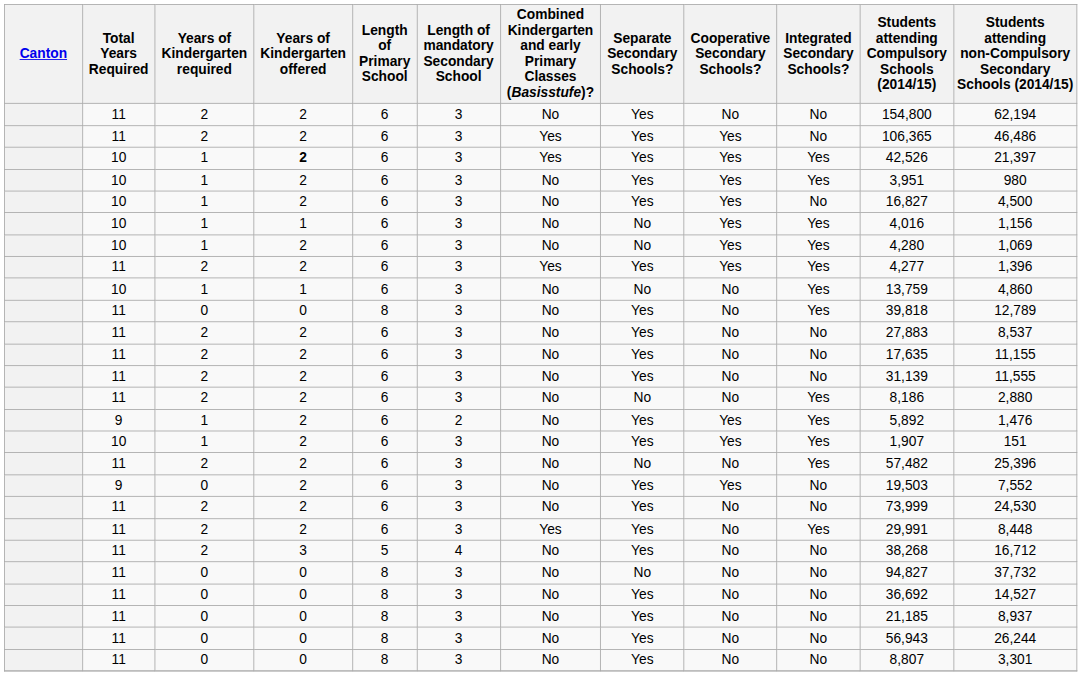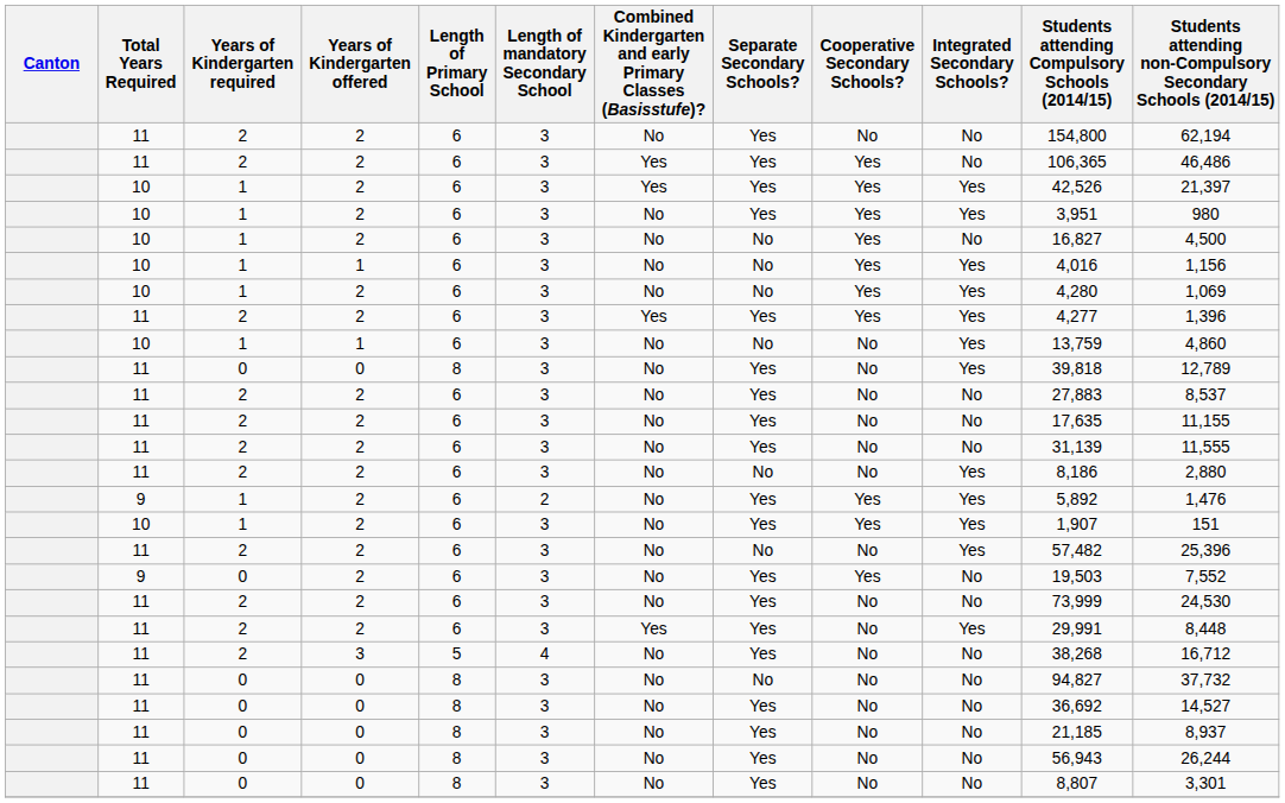 <table class="wikitable sortable mw-collapsible">
 <tr>
 <th style="width:6%;"><a href='#'>Canton</a></th>
 <th style="width:3%;">Total Years<br> Required</th>
 <th style="width:3%;">Years of<br> Kindergarten	required</th>
 <th style="width:3%;">Years of<br> Kindergarten	offered</th>
 <th style="width:3%;">Length of Primary School</th>
 <th style="width:3%;">Length of mandatory Secondary School</th>
 <th style="width:3%;">Combined Kindergarten and early Primary Classes (<em>Basisstufe</em>)?</th>
 <th style="width:3%;">Separate Secondary Schools?</th>
 <th style="width:3%;">Cooperative Secondary Schools?</th>
 <th style="width:3%;">Integrated Secondary Schools?</th>
 <th style="width:3%;">Students attending Compulsory Schools (2014/15)</th>
 <th style="width:3%;">Students attending non⁠-⁠Compulsory Secondary Schools (2014/15)</th>
 </tr>
 <tr>
 <th style="text-align:center;"></th>
 <td style="text-align:center;">11</td>
 <td style="text-align:center;">2</td>
 <td style="text-align:center;">2</td>
 <td style="text-align:center;">6</td>
 <td style="text-align:center;">3</td>
 <td style="text-align:center;">No</td>
 <td style="text-align:center;">Yes</td>
 <td style="text-align:center;">No</td>
 <td style="text-align:center;">No</td>
 <td style="text-align:center;">154,800</td>
 <td style="text-align:center;">62,194</td>
 </tr>
 <tr>
 <th style="text-align:center;"></th>
 <td style="text-align:center;">11</td>
 <td style="text-align:center;">2</td>
 <td style="text-align:center;">2</td>
 <td style="text-align:center;">6</td>
 <td style="text-align:center;">3</td>
 <td style="text-align:center;">Yes</td>
 <td style="text-align:center;">Yes</td>
 <td style="text-align:center;">Yes</td>
 <td style="text-align:center;">No</td>
 <td style="text-align:center;">106,365</td>
 <td style="text-align:center;">46,486</td>
 </tr>
 <tr>
 <th style="text-align:center;"></th>
 <td style="text-align:center;">10</td>
 <td style="text-align:center;">1</td>
-<td style="text-align:center;"><strong>2</strong></td>
+<td style="text-align:center;">2</td>
 <td style="text-align:center;">6</td>
 <td style="text-align:center;">3</td>
 <td style="text-align:center;">Yes</td>
 <td style="text-align:center;">Yes</td>
 <td style="text-align:center;">Yes</td>
 <td style="text-align:center;">Yes</td>
 <td style="text-align:center;">42,526</td>
 <td style="text-align:center;">21,397</td>
 </tr>
 <tr>
 <th style="text-align:center;"></th>
 <td style="text-align:center;">10</td>
 <td style="text-align:center;">1</td>
 <td style="text-align:center;">2</td>
 <td style="text-align:center;">6</td>
 <td style="text-align:center;">3</td>
 <td style="text-align:center;">No</td>
 <td style="text-align:center;">Yes</td>
 <td style="text-align:center;">Yes</td>
 <td style="text-align:center;">Yes</td>
 <td style="text-align:center;">3,951</td>
 <td style="text-align:center;">980</td>
 </tr>
 <tr>
 <th style="text-align:center;"></th>
 <td style="text-align:center;">10</td>
 <td style="text-align:center;">1</td>
 <td style="text-align:center;">2</td>
 <td style="text-align:center;">6</td>
 <td style="text-align:center;">3</td>
 <td style="text-align:center;">No</td>
-<td style="text-align:center;">Yes</td>
+<td style="text-align:center;">No</td>
 <td style="text-align:center;">Yes</td>
 <td style="text-align:center;">No</td>
 <td style="text-align:center;">16,827</td>
 <td style="text-align:center;">4,500</td>
 </tr>
 <tr>
 <th style="text-align:center;"></th>
 <td style="text-align:center;">10</td>
 <td style="text-align:center;">1</td>
 <td style="text-align:center;">1</td>
 <td style="text-align:center;">6</td>
 <td style="text-align:center;">3</td>
 <td style="text-align:center;">No</td>
 <td style="text-align:center;">No</td>
 <td style="text-align:center;">Yes</td>
 <td style="text-align:center;">Yes</td>
 <td style="text-align:center;">4,016</td>
 <td style="text-align:center;">1,156</td>
 </tr>
 <tr>
 <th style="text-align:center;"></th>
 <td style="text-align:center;">10</td>
 <td style="text-align:center;">1</td>
 <td style="text-align:center;">2</td>
 <td style="text-align:center;">6</td>
 <td style="text-align:center;">3</td>
 <td style="text-align:center;">No</td>
 <td style="text-align:center;">No</td>
 <td style="text-align:center;">Yes</td>
 <td style="text-align:center;">Yes</td>
 <td style="text-align:center;">4,280</td>
 <td style="text-align:center;">1,069</td>
 </tr>
 <tr>
 <th style="text-align:center;"></th>
 <td style="text-align:center;">11</td>
 <td style="text-align:center;">2</td>
 <td style="text-align:center;">2</td>
 <td style="text-align:center;">6</td>
 <td style="text-align:center;">3</td>
 <td style="text-align:center;">Yes</td>
 <td style="text-align:center;">Yes</td>
 <td style="text-align:center;">Yes</td>
 <td style="text-align:center;">Yes</td>
 <td style="text-align:center;">4,277</td>
 <td style="text-align:center;">1,396</td>
 </tr>
 <tr>
 <th style="text-align:center;"></th>
 <td style="text-align:center;">10</td>
 <td style="text-align:center;">1</td>
 <td style="text-align:center;">1</td>
 <td style="text-align:center;">6</td>
 <td style="text-align:center;">3</td>
 <td style="text-align:center;">No</td>
 <td style="text-align:center;">No</td>
 <td style="text-align:center;">No</td>
 <td style="text-align:center;">Yes</td>
 <td style="text-align:center;">13,759</td>
 <td style="text-align:center;">4,860</td>
 </tr>
 <tr>
 <th style="text-align:center;"></th>
 <td style="text-align:center;">11</td>
 <td style="text-align:center;">0</td>
 <td style="text-align:center;">0</td>
 <td style="text-align:center;">8</td>
 <td style="text-align:center;">3</td>
 <td style="text-align:center;">No</td>
 <td style="text-align:center;">Yes</td>
 <td style="text-align:center;">No</td>
 <td style="text-align:center;">Yes</td>
 <td style="text-align:center;">39,818</td>
 <td style="text-align:center;">12,789</td>
 </tr>
 <tr>
 <th style="text-align:center;"></th>
 <td style="text-align:center;">11</td>
 <td style="text-align:center;">2</td>
 <td style="text-align:center;">2</td>
 <td style="text-align:center;">6</td>
 <td style="text-align:center;">3</td>
 <td style="text-align:center;">No</td>
 <td style="text-align:center;">Yes</td>
 <td style="text-align:center;">No</td>
 <td style="text-align:center;">No</td>
 <td style="text-align:center;">27,883</td>
 <td style="text-align:center;">8,537</td>
 </tr>
 <tr>
 <th style="text-align:center;"></th>
 <td style="text-align:center;">11</td>
 <td style="text-align:center;">2</td>
 <td style="text-align:center;">2</td>
 <td style="text-align:center;">6</td>
 <td style="text-align:center;">3</td>
 <td style="text-align:center;">No</td>
 <td style="text-align:center;">Yes</td>
 <td style="text-align:center;">No</td>
 <td style="text-align:center;">No</td>
 <td style="text-align:center;">17,635</td>
 <td style="text-align:center;">11,155</td>
 </tr>
 <tr>
 <th style="text-align:center;"></th>
 <td style="text-align:center;">11</td>
 <td style="text-align:center;">2</td>
 <td style="text-align:center;">2</td>
 <td style="text-align:center;">6</td>
 <td style="text-align:center;">3</td>
 <td style="text-align:center;">No</td>
 <td style="text-align:center;">Yes</td>
 <td style="text-align:center;">No</td>
 <td style="text-align:center;">No</td>
 <td style="text-align:center;">31,139</td>
 <td style="text-align:center;">11,555</td>
 </tr>
 <tr>
 <th style="text-align:center;"></th>
 <td style="text-align:center;">11</td>
 <td style="text-align:center;">2</td>
 <td style="text-align:center;">2</td>
 <td style="text-align:center;">6</td>
 <td style="text-align:center;">3</td>
 <td style="text-align:center;">No</td>
 <td style="text-align:center;">No</td>
 <td style="text-align:center;">No</td>
 <td style="text-align:center;">Yes</td>
 <td style="text-align:center;">8,186</td>
 <td style="text-align:center;">2,880</td>
 </tr>
 <tr>
 <th style="text-align:center;"></th>
 <td style="text-align:center;">9</td>
 <td style="text-align:center;">1</td>
 <td style="text-align:center;">2</td>
 <td style="text-align:center;">6</td>
 <td style="text-align:center;">2</td>
 <td style="text-align:center;">No</td>
 <td style="text-align:center;">Yes</td>
 <td style="text-align:center;">Yes</td>
 <td style="text-align:center;">Yes</td>
 <td style="text-align:center;">5,892</td>
 <td style="text-align:center;">1,476</td>
 </tr>
 <tr>
 <th style="text-align:center;"></th>
 <td style="text-align:center;">10</td>
 <td style="text-align:center;">1</td>
 <td style="text-align:center;">2</td>
 <td style="text-align:center;">6</td>
 <td style="text-align:center;">3</td>
 <td style="text-align:center;">No</td>
 <td style="text-align:center;">Yes</td>
 <td style="text-align:center;">Yes</td>
 <td style="text-align:center;">Yes</td>
 <td style="text-align:center;">1,907</td>
 <td style="text-align:center;">151</td>
 </tr>
 <tr>
 <th style="text-align:center;"></th>
 <td style="text-align:center;">11</td>
 <td style="text-align:center;">2</td>
 <td style="text-align:center;">2</td>
 <td style="text-align:center;">6</td>
 <td style="text-align:center;">3</td>
 <td style="text-align:center;">No</td>
 <td style="text-align:center;">No</td>
 <td style="text-align:center;">No</td>
 <td style="text-align:center;">Yes</td>
 <td style="text-align:center;">57,482</td>
 <td style="text-align:center;">25,396</td>
 </tr>
 <tr>
 <th style="text-align:center;"></th>
 <td style="text-align:center;">9</td>
 <td style="text-align:center;">0</td>
 <td style="text-align:center;">2</td>
 <td style="text-align:center;">6</td>
 <td style="text-align:center;">3</td>
 <td style="text-align:center;">No</td>
 <td style="text-align:center;">Yes</td>
 <td style="text-align:center;">Yes</td>
 <td style="text-align:center;">No</td>
 <td style="text-align:center;">19,503</td>
 <td style="text-align:center;">7,552</td>
 </tr>
 <tr>
 <th style="text-align:center;"></th>
 <td style="text-align:center;">11</td>
 <td style="text-align:center;">2</td>
 <td style="text-align:center;">2</td>
 <td style="text-align:center;">6</td>
 <td style="text-align:center;">3</td>
 <td style="text-align:center;">No</td>
 <td style="text-align:center;">Yes</td>
 <td style="text-align:center;">No</td>
 <td style="text-align:center;">No</td>
 <td style="text-align:center;">73,999</td>
 <td style="text-align:center;">24,530</td>
 </tr>
 <tr>
 <th style="text-align:center;"></th>
 <td style="text-align:center;">11</td>
 <td style="text-align:center;">2</td>
 <td style="text-align:center;">2</td>
 <td style="text-align:center;">6</td>
 <td style="text-align:center;">3</td>
 <td style="text-align:center;">Yes</td>
 <td style="text-align:center;">Yes</td>
 <td style="text-align:center;">No</td>
 <td style="text-align:center;">Yes</td>
 <td style="text-align:center;">29,991</td>
 <td style="text-align:center;">8,448</td>
 </tr>
 <tr>
 <th style="text-align:center;"></th>
 <td style="text-align:center;">11</td>
 <td style="text-align:center;">2</td>
 <td style="text-align:center;">3</td>
 <td style="text-align:center;">5</td>
 <td style="text-align:center;">4</td>
 <td style="text-align:center;">No</td>
 <td style="text-align:center;">Yes</td>
 <td style="text-align:center;">No</td>
 <td style="text-align:center;">No</td>
 <td style="text-align:center;">38,268</td>
 <td style="text-align:center;">16,712</td>
 </tr>
 <tr>
 <th style="text-align:center;"></th>
 <td style="text-align:center;">11</td>
 <td style="text-align:center;">0</td>
 <td style="text-align:center;">0</td>
 <td style="text-align:center;">8</td>
 <td style="text-align:center;">3</td>
 <td style="text-align:center;">No</td>
 <td style="text-align:center;">No</td>
 <td style="text-align:center;">No</td>
 <td style="text-align:center;">No</td>
 <td style="text-align:center;">94,827</td>
 <td style="text-align:center;">37,732</td>
 </tr>
 <tr>
 <th style="text-align:center;"></th>
 <td style="text-align:center;">11</td>
 <td style="text-align:center;">0</td>
 <td style="text-align:center;">0</td>
 <td style="text-align:center;">8</td>
 <td style="text-align:center;">3</td>
 <td style="text-align:center;">No</td>
 <td style="text-align:center;">Yes</td>
 <td style="text-align:center;">No</td>
 <td style="text-align:center;">No</td>
 <td style="text-align:center;">36,692</td>
 <td style="text-align:center;">14,527</td>
 </tr>
 <tr>
 <th style="text-align:center;"></th>
 <td style="text-align:center;">11</td>
 <td style="text-align:center;">0</td>
 <td style="text-align:center;">0</td>
 <td style="text-align:center;">8</td>
 <td style="text-align:center;">3</td>
 <td style="text-align:center;">No</td>
 <td style="text-align:center;">Yes</td>
 <td style="text-align:center;">No</td>
 <td style="text-align:center;">No</td>
 <td style="text-align:center;">21,185</td>
 <td style="text-align:center;">8,937</td>
 </tr>
 <tr>
 <th style="text-align:center;"></th>
 <td style="text-align:center;">11</td>
 <td style="text-align:center;">0</td>
 <td style="text-align:center;">0</td>
 <td style="text-align:center;">8</td>
 <td style="text-align:center;">3</td>
 <td style="text-align:center;">No</td>
 <td style="text-align:center;">Yes</td>
 <td style="text-align:center;">No</td>
 <td style="text-align:center;">No</td>
 <td style="text-align:center;">56,943</td>
 <td style="text-align:center;">26,244</td>
 </tr>
 <tr>
 <th style="text-align:center;"></th>
 <td style="text-align:center;">11</td>
 <td style="text-align:center;">0</td>
 <td style="text-align:center;">0</td>
 <td style="text-align:center;">8</td>
 <td style="text-align:center;">3</td>
 <td style="text-align:center;">No</td>
 <td style="text-align:center;">Yes</td>
 <td style="text-align:center;">No</td>
 <td style="text-align:center;">No</td>
 <td style="text-align:center;">8,807</td>
 <td style="text-align:center;">3,301</td>
 </tr>
 <tr>
 </tr>
 </table>
